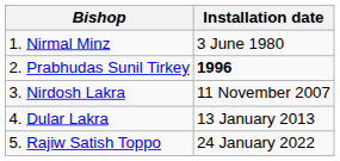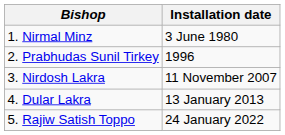 <table class="wikitable">
 <tr>
 <th><em>Bishop</em></th>
 <th>Installation date</th>
 </tr>
 <tr>
 <td>1. <a href='#'>Nirmal Minz</a></td>
 <td>3 June 1980</td>
 </tr>
 <tr>
 <td>2. <a href='#'>Prabhudas Sunil Tirkey</a></td>
-<td><strong>1996</strong></td>
+<td>1996</td>
 </tr>
 <tr>
 <td>3. <a href='#'>Nirdosh Lakra</a></td>
 <td>11 November 2007</td>
 </tr>
 <tr>
 <td>4.  <a href='#'>Dular Lakra</a></td>
 <td>13 January 2013</td>
 </tr>
 <tr>
 <td>5. <a href='#'>Rajiw Satish Toppo</a></td>
 <td>24 January 2022</td>
 </tr>
 </table>
